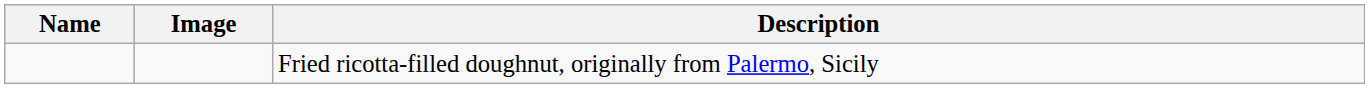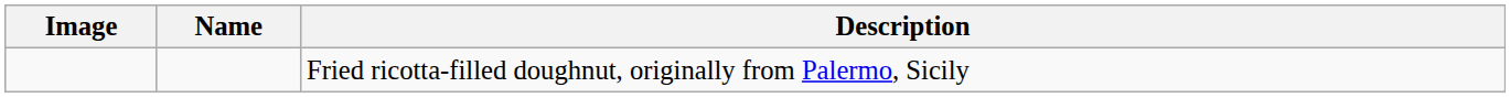 <table class="wikitable sortable" width="100%">
 <tr>
+<th class="unsortable">Image</th>
 <th>Name</th>
-<th class="unsortable">Image</th>
 <th>Description</th>
 </tr>
 <tr>
 <td></td>
 <td></td>
 <td>Fried ricotta-filled doughnut, originally from <a href='#'>Palermo</a>, Sicily</td>
 </tr>
 </table>
